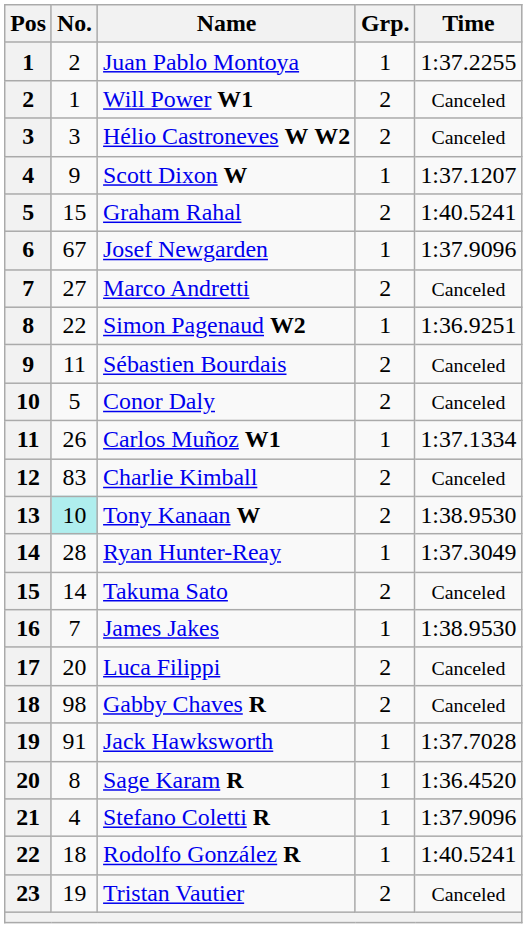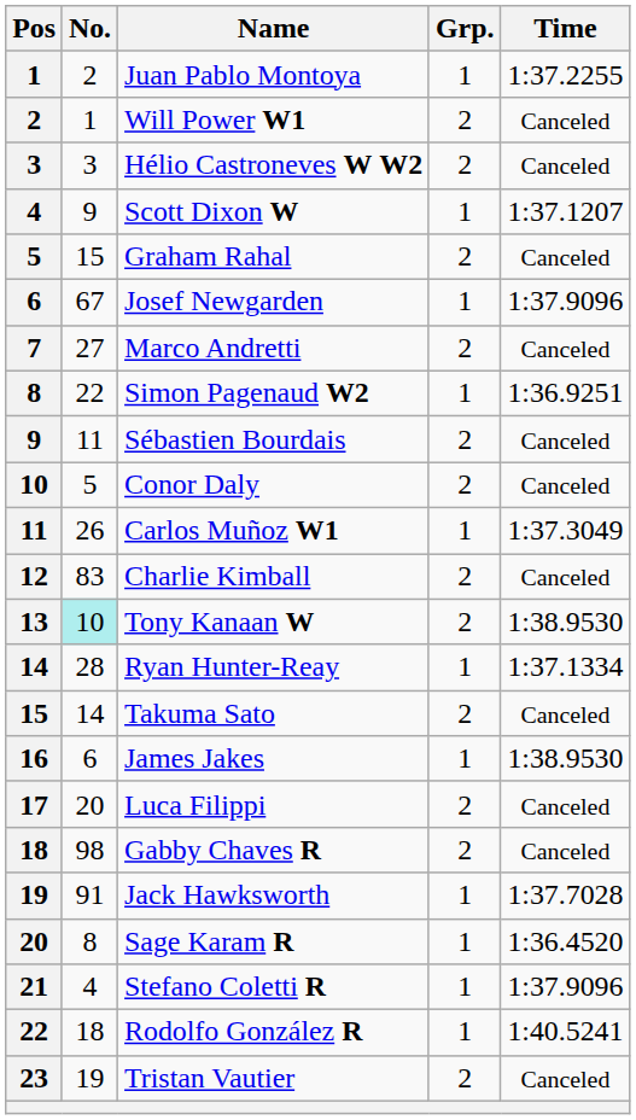 <table class="wikitable sortable" " style="fontsize:95%">
 <tr>
 <th>Pos</th>
 <th>No.</th>
 <th>Name</th>
 <th>Grp.</th>
 <th>Time</th>
 </tr>
 <tr>
 <th scope="row">1</th>
 <td align=center>2</td>
 <td> <a href='#'>Juan Pablo Montoya</a></td>
 <td style="text-align: center;">1</td>
 <td align="center">1:37.2255</td>
 </tr>
 <tr>
 <th scope="row">2</th>
 <td align=center>1</td>
 <td> <a href='#'>Will Power</a> <strong><span>W1</span></strong></td>
 <td style="text-align: center;">2</td>
 <td align="center"><small>Canceled</small></td>
 </tr>
 <tr>
 <th scope="row">3</th>
 <td align=center>3</td>
 <td> <a href='#'>Hélio Castroneves</a> <strong><span>W</span></strong> <strong><span>W2</span></strong></td>
 <td style="text-align: center;">2</td>
 <td align="center"><small>Canceled</small></td>
 </tr>
 <tr>
 <th scope="row">4</th>
 <td align=center>9</td>
 <td> <a href='#'>Scott Dixon</a> <strong><span>W</span></strong></td>
 <td style="text-align: center;">1</td>
 <td align="center">1:37.1207</td>
 </tr>
 <tr>
 <th scope="row">5</th>
 <td align=center>15</td>
 <td> <a href='#'>Graham Rahal</a></td>
 <td style="text-align: center;">2</td>
-<td align="center">1:40.5241</td>
+<td align="center"><small>Canceled</small></td>
 </tr>
 <tr>
 <th scope="row">6</th>
 <td align=center>67</td>
 <td> <a href='#'>Josef Newgarden</a></td>
 <td style="text-align: center;">1</td>
 <td align="center">1:37.9096</td>
 </tr>
 <tr>
 <th scope="row">7</th>
 <td align=center>27</td>
 <td> <a href='#'>Marco Andretti</a></td>
 <td style="text-align: center;">2</td>
 <td align="center"><small>Canceled</small></td>
 </tr>
 <tr>
 <th scope="row">8</th>
 <td align=center>22</td>
 <td> <a href='#'>Simon Pagenaud</a> <strong><span>W2</span></strong></td>
 <td style="text-align: center;">1</td>
 <td align="center">1:36.9251</td>
 </tr>
 <tr>
 <th scope="row">9</th>
 <td align=center>11</td>
 <td> <a href='#'>Sébastien Bourdais</a></td>
 <td style="text-align: center;">2</td>
 <td align="center"><small>Canceled</small></td>
 </tr>
 <tr>
 <th scope="row">10</th>
 <td align=center>5</td>
 <td> <a href='#'>Conor Daly</a></td>
 <td style="text-align: center;">2</td>
 <td align="center"><small>Canceled</small></td>
 </tr>
 <tr>
 <th scope="row">11</th>
 <td align=center>26</td>
 <td> <a href='#'>Carlos Muñoz</a> <strong><span>W1</span></strong></td>
 <td style="text-align: center;">1</td>
-<td align="center">1:37.1334</td>
+<td align="center">1:37.3049</td>
 </tr>
 <tr>
 <th scope="row">12</th>
 <td align=center>83</td>
 <td> <a href='#'>Charlie Kimball</a></td>
 <td style="text-align: center;">2</td>
 <td align="center"><small>Canceled</small></td>
 </tr>
 <tr>
 <th scope="row">13</th>
 <td align=center style="background: paleturquoise;">10</td>
 <td> <a href='#'>Tony Kanaan</a> <strong><span>W</span></strong></td>
 <td style="text-align: center;">2</td>
 <td align="center">1:38.9530</td>
 </tr>
 <tr>
 <th scope="row">14</th>
 <td align=center>28</td>
 <td> <a href='#'>Ryan Hunter-Reay</a></td>
 <td style="text-align: center;">1</td>
-<td align="center">1:37.3049</td>
+<td align="center">1:37.1334</td>
 </tr>
 <tr>
 <th scope="row">15</th>
 <td align=center>14</td>
 <td> <a href='#'>Takuma Sato</a></td>
 <td style="text-align: center;">2</td>
 <td align="center"><small>Canceled</small></td>
 </tr>
 <tr>
 <th scope="row">16</th>
-<td align=center>7</td>
+<td align=center>6</td>
 <td> <a href='#'>James Jakes</a></td>
 <td style="text-align: center;">1</td>
 <td align="center">1:38.9530</td>
 </tr>
 <tr>
 <th scope="row">17</th>
 <td align=center>20</td>
 <td> <a href='#'>Luca Filippi</a></td>
 <td style="text-align: center;">2</td>
 <td align="center"><small>Canceled</small></td>
 </tr>
 <tr>
 <th scope="row">18</th>
 <td align=center>98</td>
 <td> <a href='#'>Gabby Chaves</a> <strong><span>R</span></strong></td>
 <td style="text-align: center;">2</td>
 <td align="center"><small>Canceled</small></td>
 </tr>
 <tr>
 <th scope="row">19</th>
 <td align=center>91</td>
 <td> <a href='#'>Jack Hawksworth</a></td>
 <td style="text-align: center;">1</td>
 <td align="center">1:37.7028</td>
 </tr>
 <tr>
 <th scope="row">20</th>
 <td align=center>8</td>
 <td> <a href='#'>Sage Karam</a> <strong><span>R</span></strong></td>
 <td style="text-align: center;">1</td>
 <td align="center">1:36.4520</td>
 </tr>
 <tr>
 <th scope="row">21</th>
 <td align=center>4</td>
 <td> <a href='#'>Stefano Coletti</a> <strong><span>R</span></strong></td>
 <td style="text-align: center;">1</td>
 <td align="center">1:37.9096</td>
 </tr>
 <tr>
 <th scope="row">22</th>
 <td align=center>18</td>
 <td> <a href='#'>Rodolfo González</a> <strong><span>R</span></strong></td>
 <td style="text-align: center;">1</td>
 <td align="center">1:40.5241</td>
 </tr>
 <tr>
 <th scope="row">23</th>
 <td align=center>19</td>
 <td> <a href='#'>Tristan Vautier</a></td>
 <td style="text-align: center;">2</td>
 <td align="center"><small>Canceled</small></td>
 </tr>
 <tr>
 <th colspan=11 align=center></th>
 </tr>
 </table>
